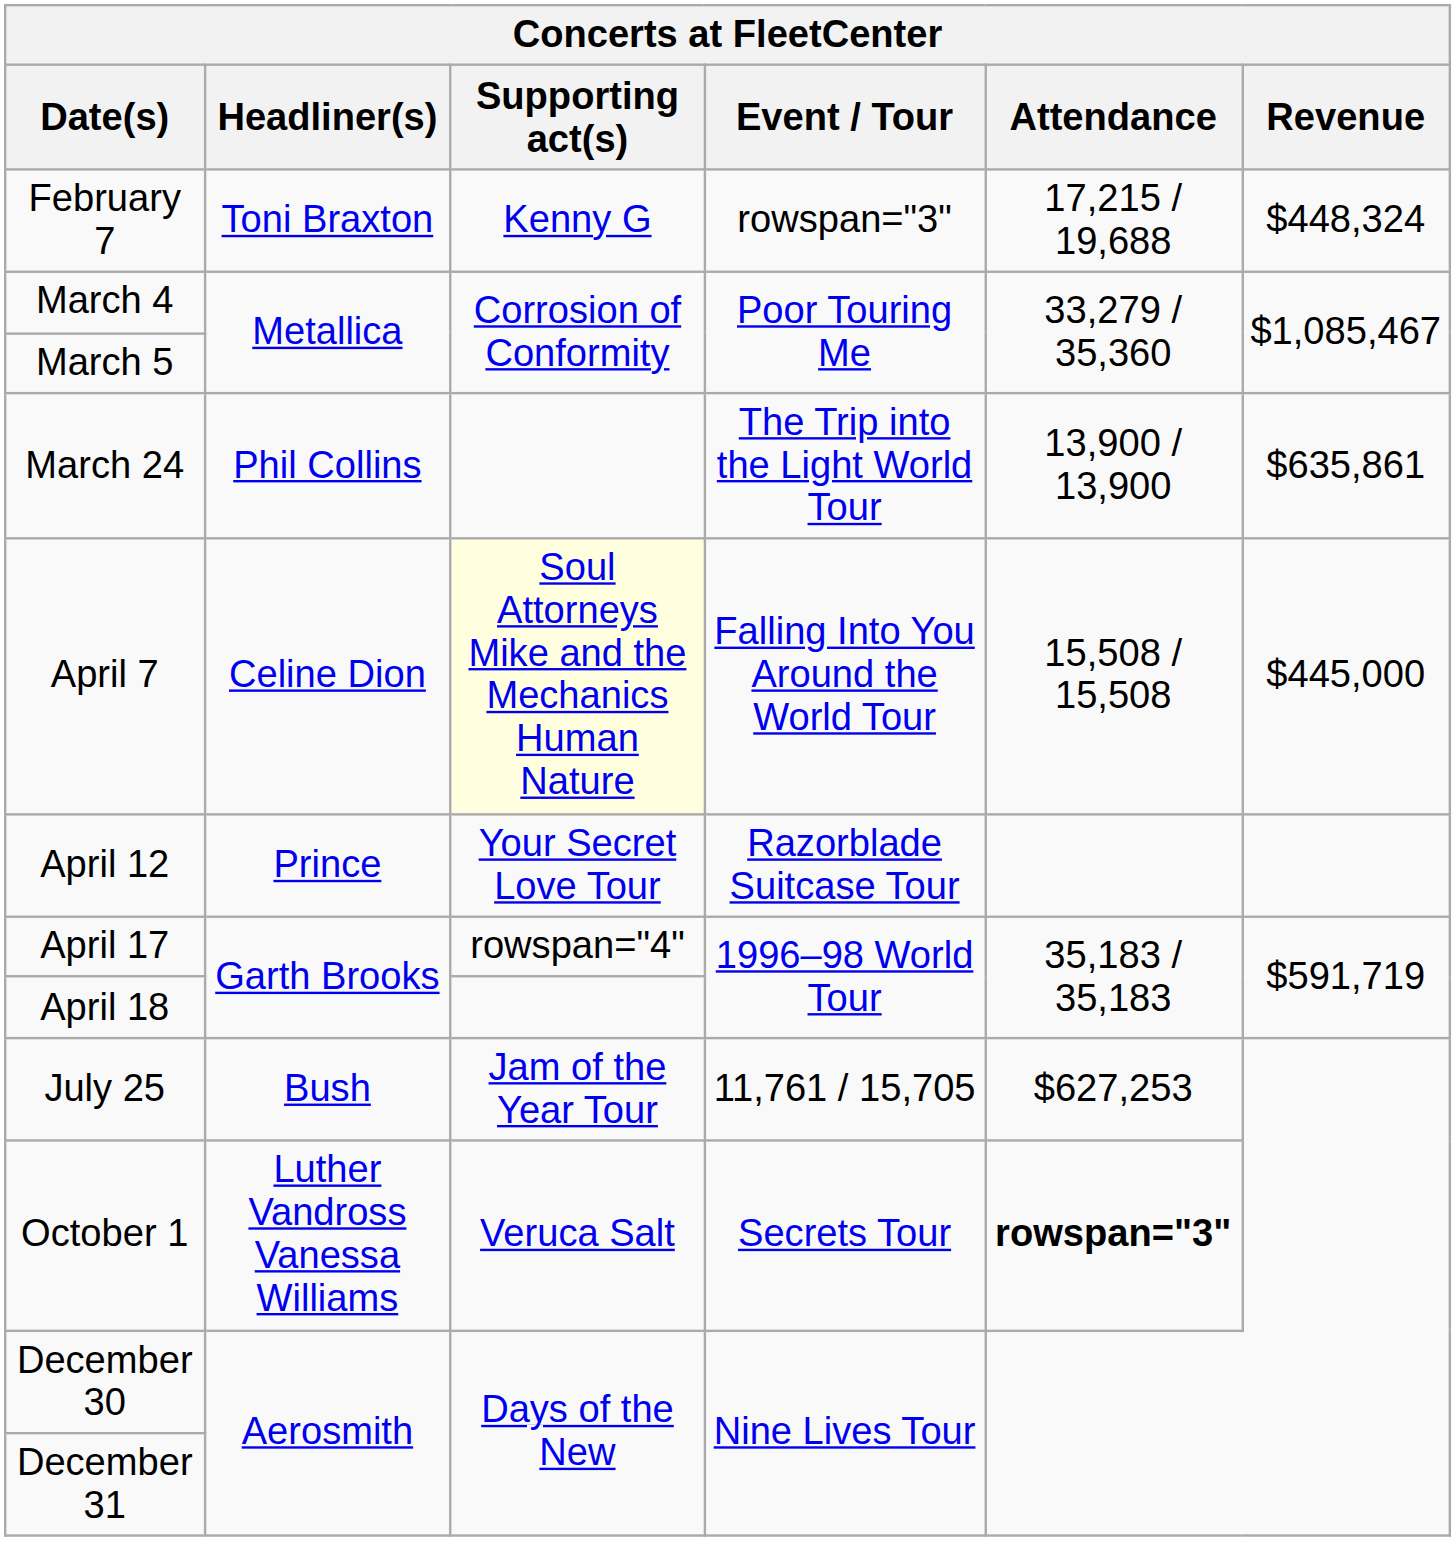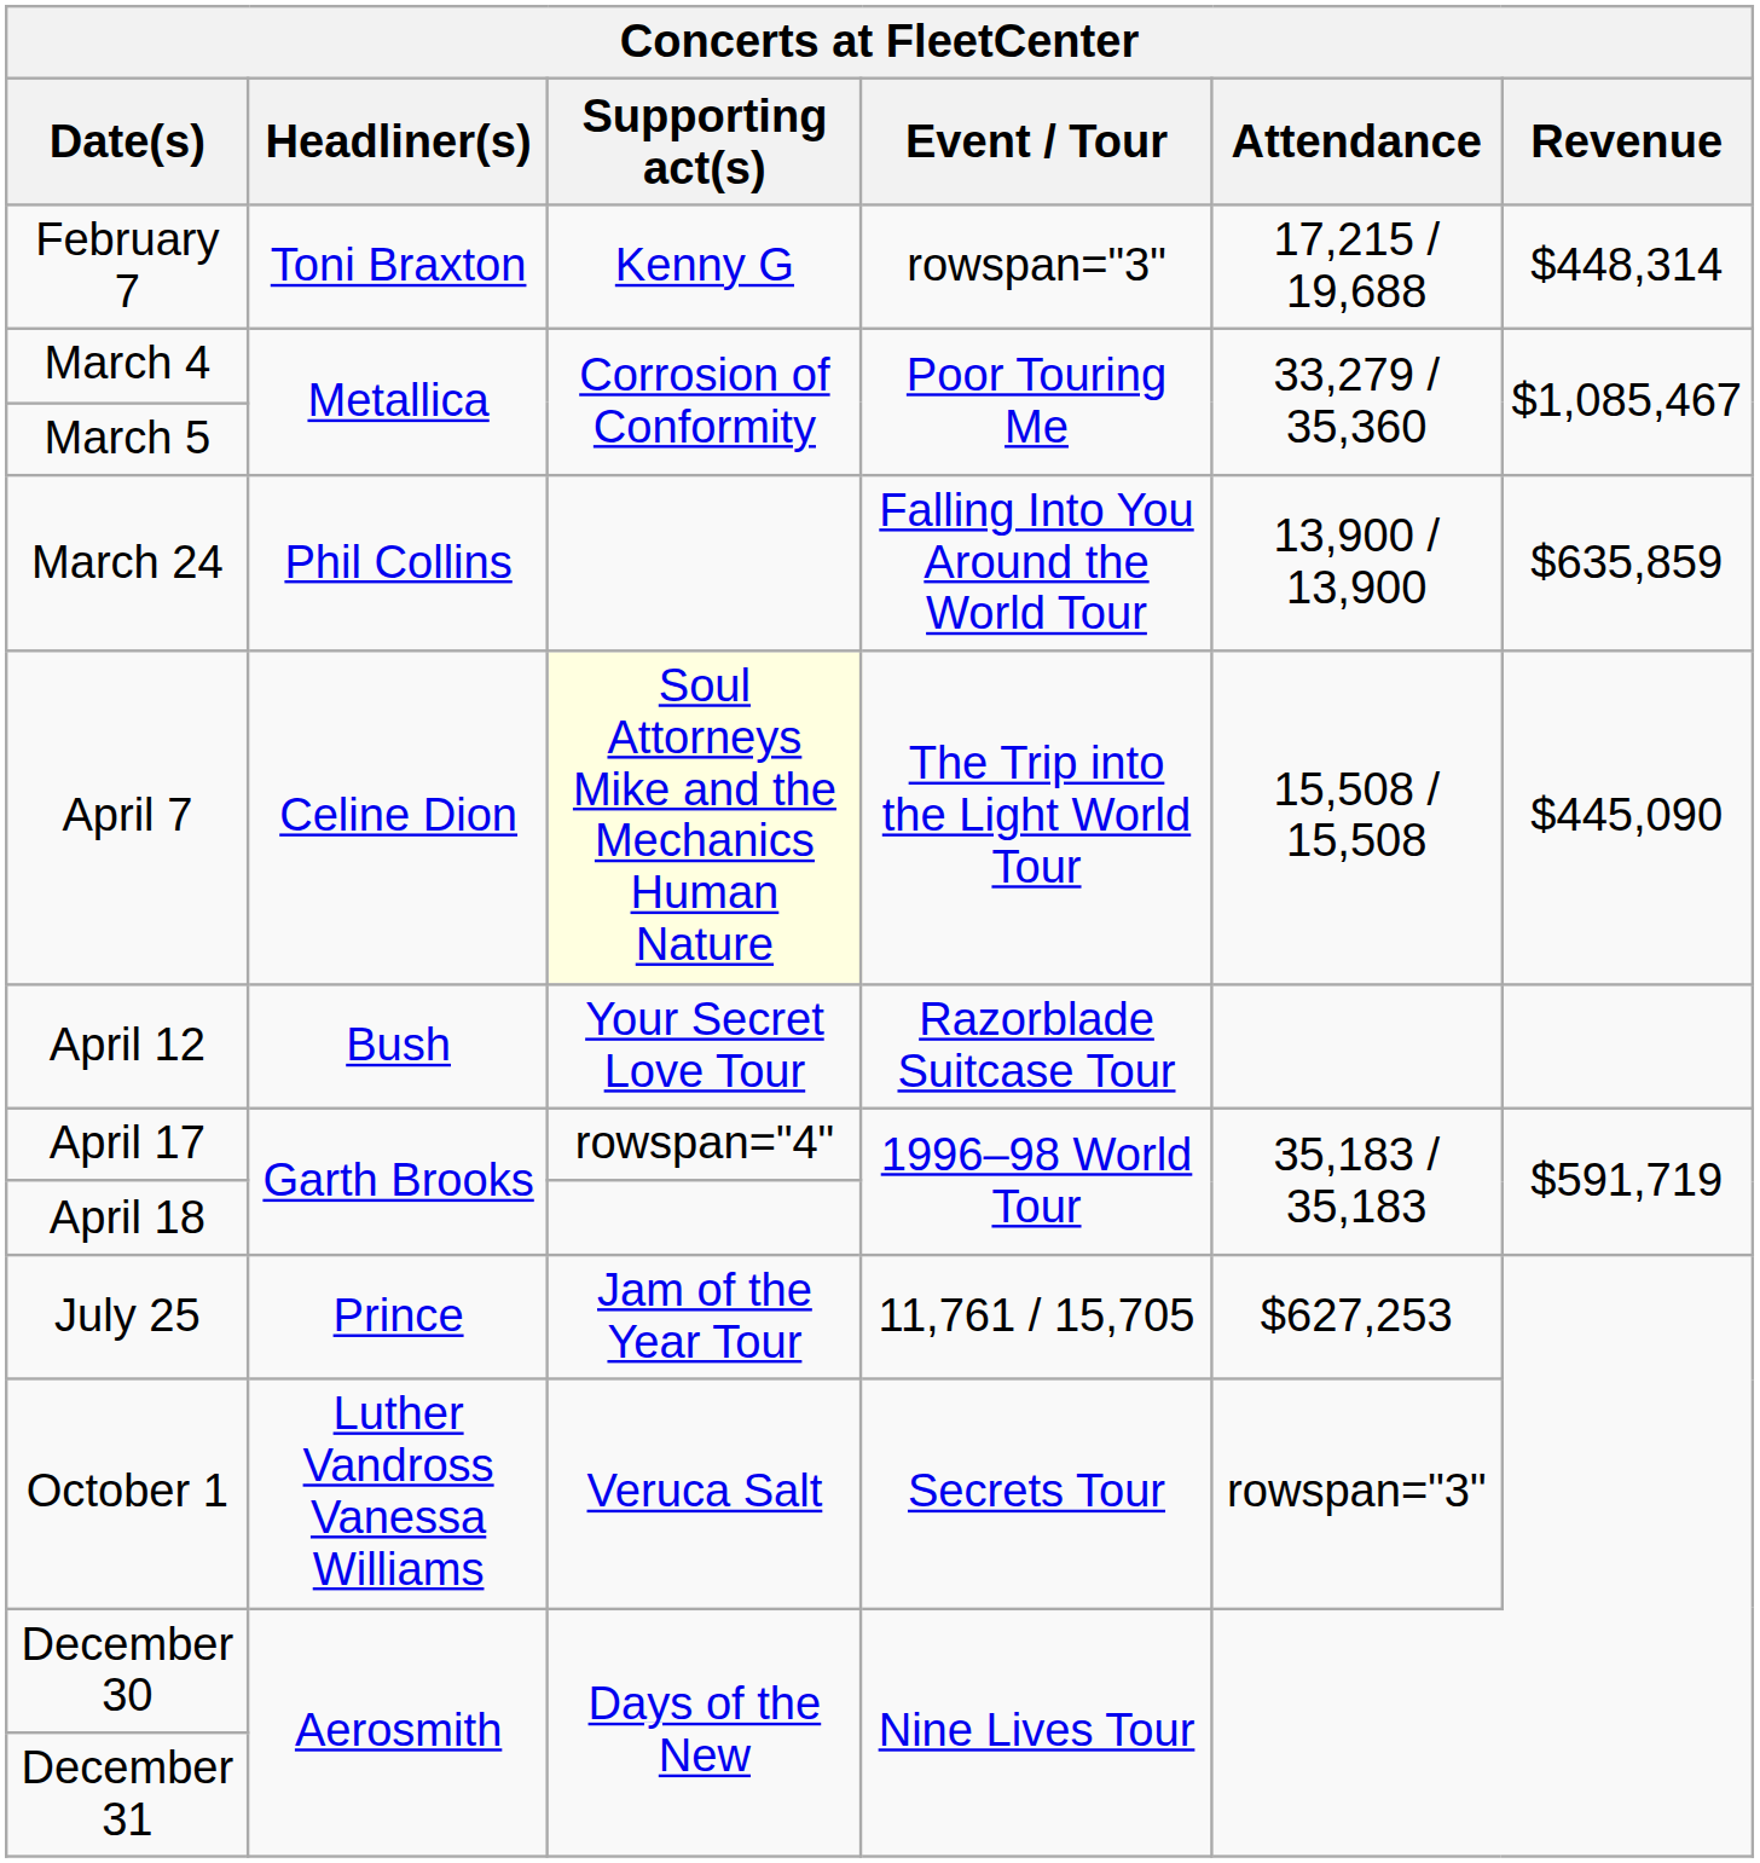 <table class="wikitable mw-collapsible mw-collapsed" style="text-align:center;">
 <tr>
 <th colspan="6">Concerts at FleetCenter</th>
 </tr>
 <tr>
 <th>Date(s)</th>
 <th>Headliner(s)</th>
 <th>Supporting act(s)</th>
 <th>Event / Tour</th>
 <th>Attendance</th>
 <th>Revenue</th>
 </tr>
 <tr>
 <td>February 7</td>
 <td><a href='#'>Toni Braxton</a></td>
 <td><a href='#'>Kenny G</a></td>
 <td>rowspan="3" </td>
 <td>17,215 / 19,688</td>
-<td>$448,324</td>
+<td>$448,314</td>
 </tr>
 <tr>
 <td>March 4</td>
 <td rowspan="2"><a href='#'>Metallica</a></td>
 <td rowspan="2"><a href='#'>Corrosion of Conformity</a></td>
 <td rowspan="2"><a href='#'>Poor Touring Me</a></td>
 <td rowspan="2">33,279 / 35,360</td>
 <td rowspan="2">$1,085,467</td>
 </tr>
 <tr>
 <td>March 5</td>
 </tr>
 <tr>
 <td>March 24</td>
 <td><a href='#'>Phil Collins</a></td>
 <td></td>
-<td><a href='#'>The Trip into the Light World Tour</a></td>
+<td><a href='#'>Falling Into You Around the World Tour</a></td>
 <td>13,900 / 13,900</td>
-<td>$635,861</td>
+<td>$635,859</td>
 </tr>
 <tr>
 <td>April 7</td>
 <td><a href='#'>Celine Dion</a></td>
 <td style="background: lightyellow;"><a href='#'>Soul Attorneys</a><br><a href='#'>Mike and the Mechanics</a><br><a href='#'>Human Nature</a></td>
-<td><a href='#'>Falling Into You Around the World Tour</a></td>
+<td><a href='#'>The Trip into the Light World Tour</a></td>
 <td>15,508 / 15,508</td>
-<td>$445,000</td>
+<td>$445,090</td>
 </tr>
 <tr>
 <td>April 12</td>
-<td><a href='#'>Prince</a></td>
+<td><a href='#'>Bush</a></td>
 <td><a href='#'>Your Secret Love Tour</a></td>
 <td><a href='#'>Razorblade Suitcase Tour</a></td>
 <td></td>
 <td></td>
 </tr>
 <tr>
 <td>April 17</td>
 <td rowspan="2"><a href='#'>Garth Brooks</a></td>
 <td>rowspan="4" </td>
 <td rowspan="2"><a href='#'>1996–98 World Tour</a></td>
 <td rowspan="2">35,183 / 35,183</td>
 <td rowspan="2">$591,719</td>
 </tr>
 <tr>
 <td>April 18</td>
 </tr>
 <tr>
 <td>July 25</td>
-<td><a href='#'>Bush</a></td>
+<td><a href='#'>Prince</a></td>
 <td><a href='#'>Jam of the Year Tour</a></td>
 <td>11,761 / 15,705</td>
 <td>$627,253</td>
 </tr>
 <tr>
 <td>October 1</td>
 <td><a href='#'>Luther Vandross</a><br><a href='#'>Vanessa Williams</a></td>
 <td><a href='#'>Veruca Salt</a></td>
 <td><a href='#'>Secrets Tour</a></td>
-<td><strong>rowspan="3" </strong></td>
+<td>rowspan="3" </td>
 </tr>
 <tr>
 <td>December 30</td>
 <td rowspan="2"><a href='#'>Aerosmith</a></td>
 <td rowspan="2"><a href='#'>Days of the New</a></td>
 <td rowspan="2"><a href='#'>Nine Lives Tour</a></td>
 </tr>
 <tr>
 <td>December 31</td>
 </tr>
 </table>
